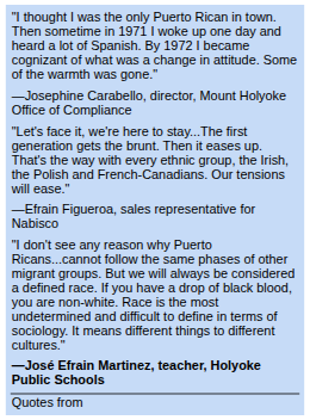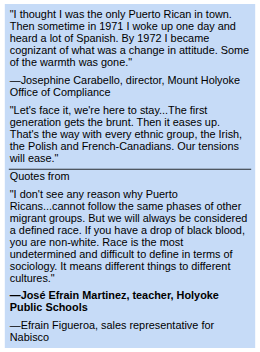 <table class="toccolours" style="float: right; margin-left: 1em; margin-bottom: 1em; font-size: 85%; background:#c6dbf7; color:black; width:23em; max-width: 40%;" cellspacing="5">
 <tr>
 <td style="text-align: left;">"I thought I was the only Puerto Rican in town. Then sometime in 1971 I woke up one day and heard a lot of Spanish. By 1972 I became cognizant of what was a change in attitude. Some of the warmth was gone."</td>
 </tr>
 <tr>
 <td style="text-align: left;">—Josephine Carabello, director, Mount Holyoke Office of Compliance</td>
 </tr>
 <tr>
 <td style="text-align: left;">"Let's face it, we're here to stay...The first generation gets the brunt. Then it eases up. That's the way with every ethnic group, the Irish, the Polish and French-Canadians. Our tensions will ease."</td>
 </tr>
 <tr>
-<td style="text-align: left;">—Efrain Figueroa, sales representative for Nabisco</td>
+<td style="border-top: 1px solid black;">Quotes from </td>
 </tr>
 <tr>
 <td style="text-align: left;">"I don't see any reason why Puerto Ricans...cannot follow the same phases of other migrant groups. But we will always be considered a defined race. If you have a drop of black blood, you are non-white. Race is the most undetermined and difficult to define in terms of sociology. It means different things to different cultures."</td>
 </tr>
 <tr>
 <td style="text-align: left;"><strong>—José Efrain Martinez, teacher, Holyoke Public Schools</strong></td>
 </tr>
 <tr>
-<td style="border-top: 1px solid black;">Quotes from </td>
+<td style="text-align: left;">—Efrain Figueroa, sales representative for Nabisco</td>
 </tr>
 </table>
